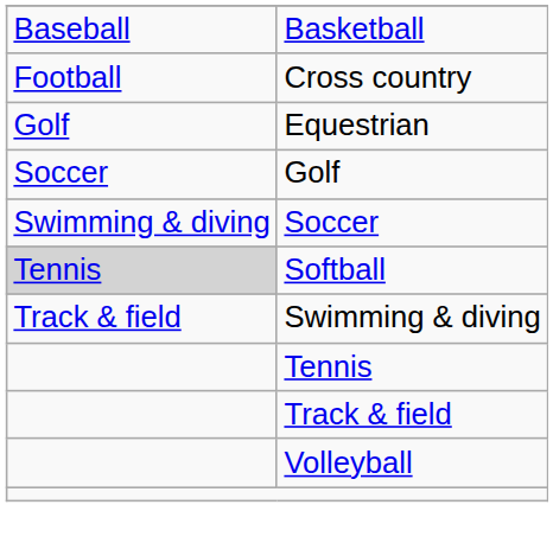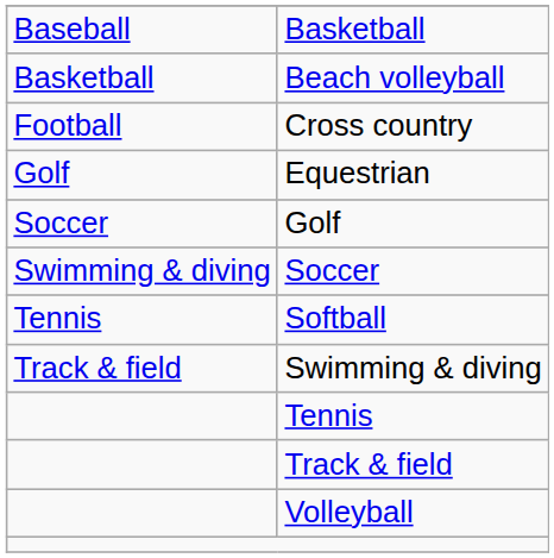 <table class="wikitable" style="float:right; clear:right; margin:0 0 1em 1em;">
 <tr>
 </tr>
 <tr>
 <td><a href='#'>Baseball</a></td>
 <td><a href='#'>Basketball</a></td>
+</tr>
+<tr>
+<td><a href='#'>Basketball</a></td>
+<td><a href='#'>Beach volleyball</a></td>
 </tr>
 <tr>
 <td><a href='#'>Football</a></td>
 <td>Cross country</td>
 </tr>
 <tr>
 <td><a href='#'>Golf</a></td>
 <td>Equestrian</td>
 </tr>
 <tr>
 <td><a href='#'>Soccer</a></td>
 <td>Golf</td>
 </tr>
 <tr>
 <td><a href='#'>Swimming & diving</a></td>
 <td><a href='#'>Soccer</a></td>
 </tr>
 <tr>
-<td style="background: lightgrey;"><a href='#'>Tennis</a></td>
+<td><a href='#'>Tennis</a></td>
 <td><a href='#'>Softball</a></td>
 </tr>
 <tr>
 <td><a href='#'>Track & field</a></td>
 <td>Swimming & diving</td>
 </tr>
 <tr>
 <td></td>
 <td><a href='#'>Tennis</a></td>
 </tr>
 <tr>
 <td></td>
 <td><a href='#'>Track & field</a></td>
 </tr>
 <tr>
 <td></td>
 <td><a href='#'>Volleyball</a></td>
 </tr>
 <tr>
 <td colspan="2"></td>
 </tr>
 </table>
